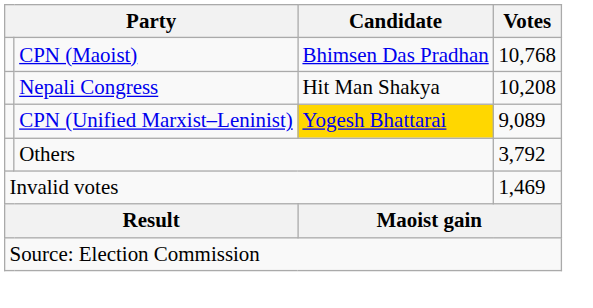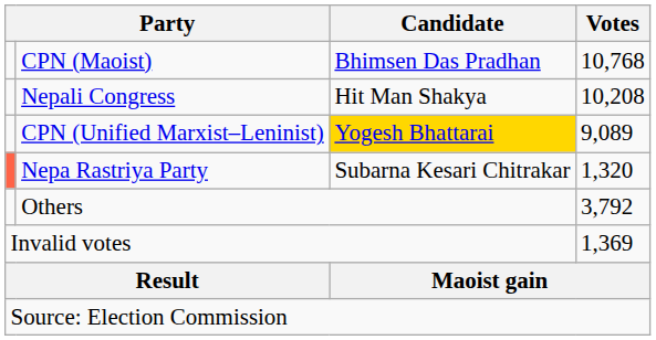 <table class="wikitable">
 <tr>
 <th colspan="2">Party</th>
 <th>Candidate</th>
 <th>Votes</th>
 </tr>
 <tr>
 <td style="background-color:"></td>
 <td><a href='#'>CPN (Maoist)</a></td>
 <td><a href='#'>Bhimsen Das Pradhan</a></td>
 <td>10,768</td>
 </tr>
 <tr>
 <td style="background-color:"></td>
 <td><a href='#'>Nepali Congress</a></td>
 <td>Hit Man Shakya</td>
 <td>10,208</td>
 </tr>
 <tr>
 <td style="background-color:"></td>
 <td><a href='#'>CPN (Unified Marxist–Leninist)</a></td>
 <td style="background: gold;"><a href='#'>Yogesh Bhattarai</a></td>
 <td>9,089</td>
 </tr>
 <tr>
+<td style="background-color:tomato"></td>
+<td><a href='#'>Nepa Rastriya Party</a></td>
+<td>Subarna Kesari Chitrakar</td>
+<td>1,320</td>
+</tr>
+<tr>
 <td></td>
 <td colspan="2">Others</td>
 <td>3,792</td>
 </tr>
 <tr>
 <td colspan="3">Invalid votes</td>
-<td>1,469</td>
+<td>1,369</td>
 </tr>
 <tr>
 <th colspan="2">Result</th>
 <th colspan="2">Maoist gain</th>
 </tr>
 <tr>
 <td colspan="4">Source: Election Commission</td>
 </tr>
 </table>
